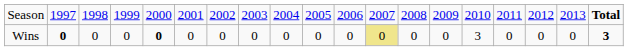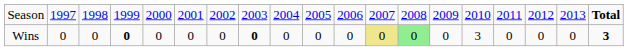 <table class="wikitable sortable">
 <tr>
 <td>Season</td>
 <td><a href='#'>1997</a></td>
 <td><a href='#'>1998</a></td>
 <td><a href='#'>1999</a></td>
 <td><a href='#'>2000</a></td>
 <td><a href='#'>2001</a></td>
 <td><a href='#'>2002</a></td>
 <td><a href='#'>2003</a></td>
 <td><a href='#'>2004</a></td>
 <td><a href='#'>2005</a></td>
 <td><a href='#'>2006</a></td>
 <td><a href='#'>2007</a></td>
 <td><a href='#'>2008</a></td>
 <td><a href='#'>2009</a></td>
 <td><a href='#'>2010</a></td>
 <td><a href='#'>2011</a></td>
 <td><a href='#'>2012</a></td>
 <td><a href='#'>2013</a></td>
 <td><strong>Total</strong></td>
 </tr>
 <tr style="text-align:center;">
 <td>Wins</td>
-<td><strong>0</strong></td>
 <td>0</td>
 <td>0</td>
 <td><strong>0</strong></td>
 <td>0</td>
 <td>0</td>
 <td>0</td>
+<td><strong>0</strong></td>
 <td>0</td>
 <td>0</td>
 <td>0</td>
 <td style="background: khaki;">0</td>
-<td>0</td>
+<td style="background: lightgreen;">0</td>
 <td>0</td>
 <td>3</td>
 <td>0</td>
 <td>0</td>
 <td>0</td>
 <td><strong>3</strong></td>
 </tr>
 </table>
